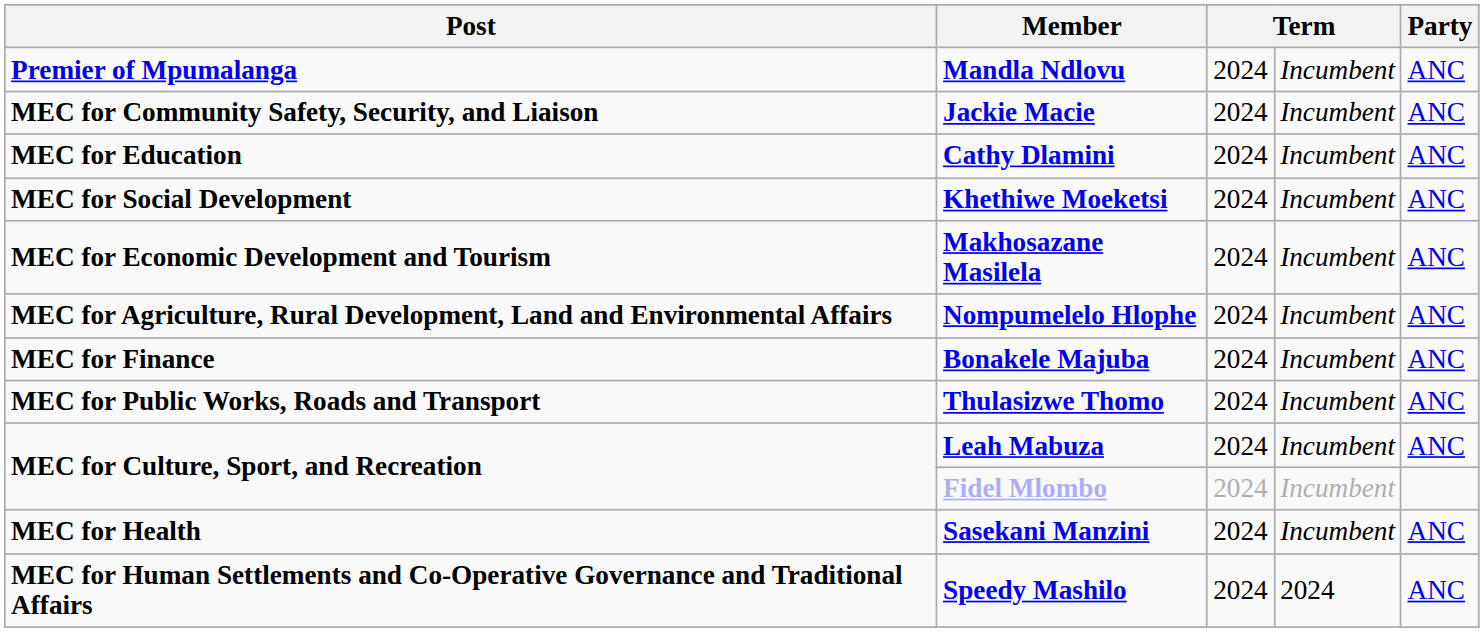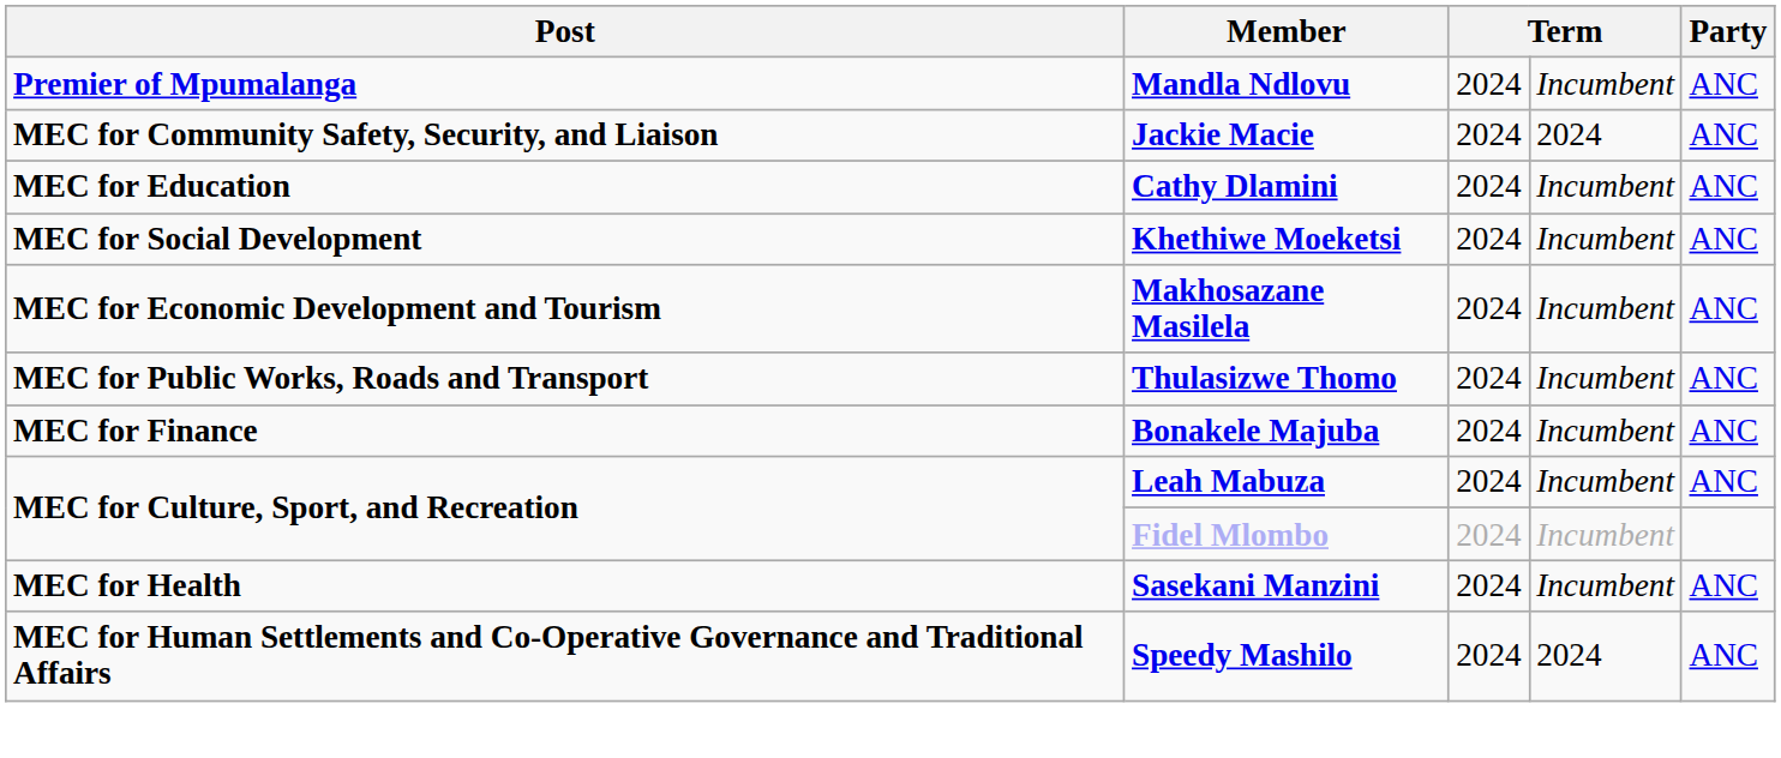 <table class="wikitable">
 <tr>
 <th>Post</th>
 <th>Member</th>
 <th colspan="2">Term</th>
 <th>Party</th>
 </tr>
 <tr>
 <td><strong><a href='#'>Premier of Mpumalanga</a></strong></td>
 <td><strong><a href='#'>Mandla Ndlovu</a></strong></td>
 <td>2024</td>
 <td><em>Incumbent</em></td>
 <td><a href='#'>ANC</a></td>
 </tr>
 <tr>
 <td><strong>MEC for Community Safety, Security, and Liaison</strong></td>
 <td><strong><a href='#'>Jackie Macie</a></strong></td>
 <td>2024</td>
-<td><em>Incumbent</em></td>
+<td>2024</td>
 <td><a href='#'>ANC</a></td>
 </tr>
 <tr>
 <td><strong>MEC for Education</strong></td>
 <td><strong><a href='#'>Cathy Dlamini</a></strong></td>
 <td>2024</td>
 <td><em>Incumbent</em></td>
 <td><a href='#'>ANC</a></td>
 </tr>
 <tr>
 <td><strong>MEC for Social Development</strong></td>
 <td><strong><a href='#'>Khethiwe Moeketsi</a></strong></td>
 <td>2024</td>
 <td><em>Incumbent</em></td>
 <td><a href='#'>ANC</a></td>
 </tr>
 <tr>
 <td><strong>MEC for Economic Development and Tourism</strong></td>
 <td><strong><a href='#'>Makhosazane Masilela</a></strong></td>
 <td>2024</td>
 <td><em>Incumbent</em></td>
 <td><a href='#'>ANC</a></td>
 </tr>
 <tr>
-<td><strong>MEC for Agriculture, Rural Development, Land and Environmental Affairs</strong></td>
-<td><strong><a href='#'>Nompumelelo Hlophe</a></strong></td>
+<td><strong>MEC for Public Works, Roads and Transport</strong></td>
+<td><strong><a href='#'>Thulasizwe Thomo</a></strong></td>
 <td>2024</td>
 <td><em>Incumbent</em></td>
 <td><a href='#'>ANC</a></td>
 </tr>
 <tr>
 <td><strong>MEC for Finance</strong></td>
 <td><strong><a href='#'>Bonakele Majuba</a></strong></td>
-<td>2024</td>
-<td><em>Incumbent</em></td>
-<td><a href='#'>ANC</a></td>
-</tr>
-<tr>
-<td><strong>MEC for Public Works, Roads and Transport</strong></td>
-<td><strong><a href='#'>Thulasizwe Thomo</a></strong></td>
 <td>2024</td>
 <td><em>Incumbent</em></td>
 <td><a href='#'>ANC</a></td>
 </tr>
 <tr>
 <td rowspan="2"><strong>MEC for Culture, Sport, and Recreation</strong></td>
 <td><strong><a href='#'>Leah Mabuza</a></strong></td>
 <td>2024</td>
 <td><em>Incumbent</em></td>
 <td><a href='#'>ANC</a></td>
 </tr>
 <tr style="opacity:.3;">
 <td><strong><a href='#'>Fidel Mlombo</a></strong></td>
 <td>2024</td>
 <td><em>Incumbent</em></td>
 </tr>
 <tr>
 <td><strong>MEC for Health</strong></td>
 <td><strong><a href='#'>Sasekani Manzini</a></strong></td>
 <td>2024</td>
 <td><em>Incumbent</em></td>
 <td><a href='#'>ANC</a></td>
 </tr>
 <tr>
 <td><strong>MEC for Human Settlements and Co-Operative Governance and Traditional Affairs</strong></td>
 <td><strong><a href='#'>Speedy Mashilo</a></strong></td>
 <td>2024</td>
 <td>2024</td>
 <td><a href='#'>ANC</a></td>
 </tr>
 </table>
